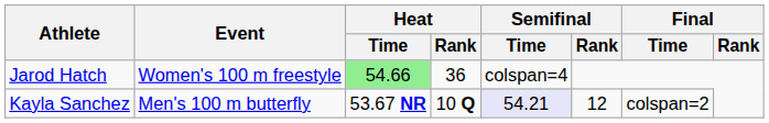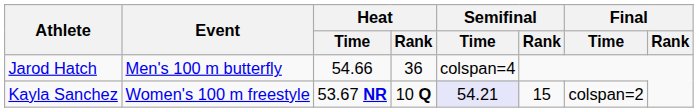 <table class=wikitable style="font-size:90%;">
 <tr>
 <th rowspan=2>Athlete</th>
 <th rowspan=2>Event</th>
 <th colspan=2>Heat</th>
 <th colspan=2>Semifinal</th>
 <th colspan=2>Final</th>
 </tr>
 <tr style="font-size:95%">
 <th>Time</th>
 <th>Rank</th>
 <th>Time</th>
 <th>Rank</th>
 <th>Time</th>
 <th>Rank</th>
 </tr>
 <tr align=center>
 <td align=left><a href='#'>Jarod Hatch</a></td>
-<td align=left><a href='#'>Women's 100 m freestyle</a></td>
-<td style="background: lightgreen;">54.66</td>
+<td align=left><a href='#'>Men's 100 m butterfly</a></td>
+<td>54.66</td>
 <td>36</td>
 <td>colspan=4 </td>
 </tr>
 <tr align=center>
 <td align=left><a href='#'>Kayla Sanchez</a></td>
-<td align=left><a href='#'>Men's 100 m butterfly</a></td>
+<td align=left><a href='#'>Women's 100 m freestyle</a></td>
 <td>53.67 <strong><a href='#'>NR</a></strong></td>
 <td>10 <strong>Q</strong></td>
 <td style="background: lavender;">54.21</td>
-<td>12</td>
+<td>15</td>
 <td>colspan=2 </td>
 </tr>
 </table>
